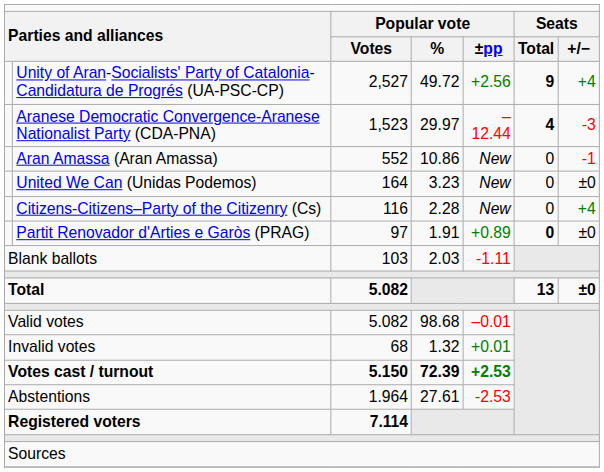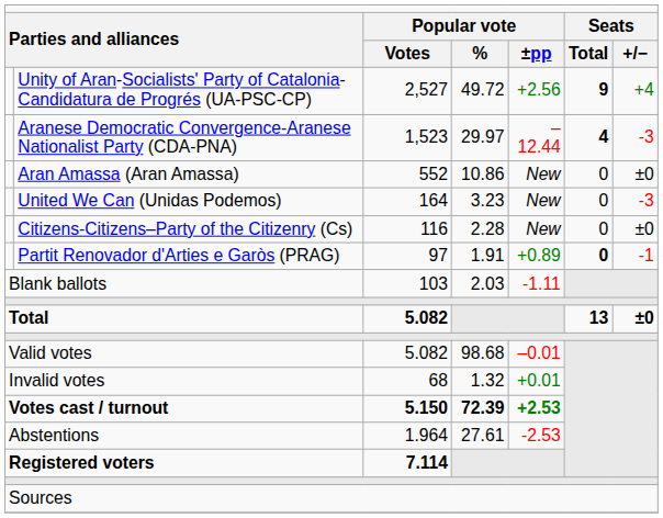 <table class="wikitable" style="text-align:right;">
 <tr>
 <td colspan="7"></td>
 </tr>
 <tr>
 <th colspan="2" rowspan="2" style="text-align:left;" width="525">Parties and alliances</th>
 <th colspan="3">Popular vote</th>
 <th colspan="2">Seats</th>
 </tr>
 <tr>
 <th width="75">Votes</th>
 <th width="45">%</th>
 <th width="45">±<a href='#'>pp</a></th>
 <th width="35">Total</th>
 <th width="35">+/−</th>
 </tr>
 <tr>
 <td width="1" style="color:inherit;background:"></td>
 <td align="left"><a href='#'>Unity of Aran</a>-<a href='#'>Socialists' Party of Catalonia</a>-<a href='#'>Candidatura de Progrés</a> (UA-PSC-CP)</td>
 <td>2,527</td>
 <td>49.72</td>
 <td style="color:green;">+2.56</td>
 <td><strong>9</strong></td>
 <td style="color:green;">+4</td>
 </tr>
 <tr>
 <td style="color:inherit;background:"></td>
 <td align="left"><a href='#'>Aranese Democratic Convergence-Aranese Nationalist Party</a> (CDA-PNA)</td>
 <td>1,523</td>
 <td>29.97</td>
 <td style="color:red;">–12.44</td>
 <td><strong>4</strong></td>
 <td style="color:red;">-3</td>
 </tr>
 <tr>
 <td style="color:inherit;background:"></td>
 <td align="left"><a href='#'>Aran Amassa</a> (Aran Amassa)</td>
 <td>552</td>
 <td>10.86</td>
 <td><em>New</em></td>
 <td>0</td>
-<td style="color:red;">-1</td>
+<td>±0</td>
 </tr>
 <tr>
 <td style="color:inherit;background:"></td>
 <td align="left"><a href='#'>United We Can</a> (Unidas Podemos)</td>
 <td>164</td>
 <td>3.23</td>
 <td><em>New</em></td>
 <td>0</td>
-<td>±0</td>
+<td style="color:red;">-3</td>
 </tr>
 <tr>
 <td style="color:inherit;background:"></td>
 <td align="left"><a href='#'>Citizens-Citizens–Party of the Citizenry</a> (Cs)</td>
 <td>116</td>
 <td>2.28</td>
 <td><em>New</em></td>
 <td>0</td>
-<td style="color:green;">+4</td>
+<td>±0</td>
 </tr>
 <tr>
 <td style="color:inherit;background:"></td>
 <td align="left"><a href='#'>Partit Renovador d'Arties e Garòs</a> (PRAG)</td>
 <td>97</td>
 <td>1.91</td>
 <td style="color:green;">+0.89</td>
 <td><strong>0</strong></td>
-<td>±0</td>
+<td style="color:red;">-1</td>
 </tr>
 <tr>
 <td colspan="2" align="left">Blank ballots</td>
 <td>103</td>
 <td>2.03</td>
 <td style="color:red;">-1.11</td>
 <td colspan="2" bgcolor="#E9E9E9"></td>
 </tr>
 <tr>
 <td colspan="7" bgcolor="#E9E9E9"></td>
 </tr>
 <tr style="font-weight:bold;">
 <td colspan="2" align="left">Total</td>
 <td>5.082</td>
 <td colspan="2" bgcolor="#E9E9E9"></td>
 <td>13</td>
 <td>±0</td>
 </tr>
 <tr>
 <td colspan="7" bgcolor="#E9E9E9"></td>
 </tr>
 <tr>
 <td colspan="2" align="left">Valid votes</td>
 <td>5.082</td>
 <td>98.68</td>
 <td style="color:red;">–0.01</td>
 <td colspan="2" rowspan="5" bgcolor="#E9E9E9"></td>
 </tr>
 <tr>
 <td colspan="2" align="left">Invalid votes</td>
 <td>68</td>
 <td>1.32</td>
 <td style="color:green;">+0.01</td>
 </tr>
 <tr style="font-weight:bold;">
 <td colspan="2" align="left">Votes cast / turnout</td>
 <td>5.150</td>
 <td>72.39</td>
 <td style="color:green;">+2.53</td>
 </tr>
 <tr>
 <td colspan="2" align="left">Abstentions</td>
 <td>1.964</td>
 <td>27.61</td>
 <td style="color:red;">-2.53</td>
 </tr>
 <tr style="font-weight:bold;">
 <td colspan="2" align="left">Registered voters</td>
 <td>7.114</td>
 <td colspan="2" bgcolor="#E9E9E9"></td>
 </tr>
 <tr>
 <td colspan="7" bgcolor="#E9E9E9"></td>
 </tr>
 <tr>
 <td colspan="7" align="left">Sources</td>
 </tr>
 <tr>
 </tr>
 </table>
